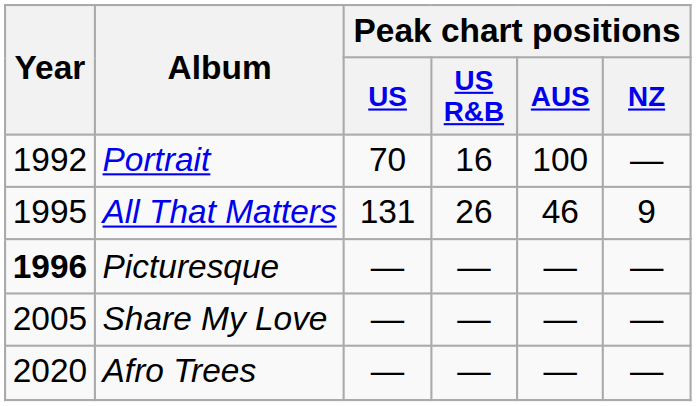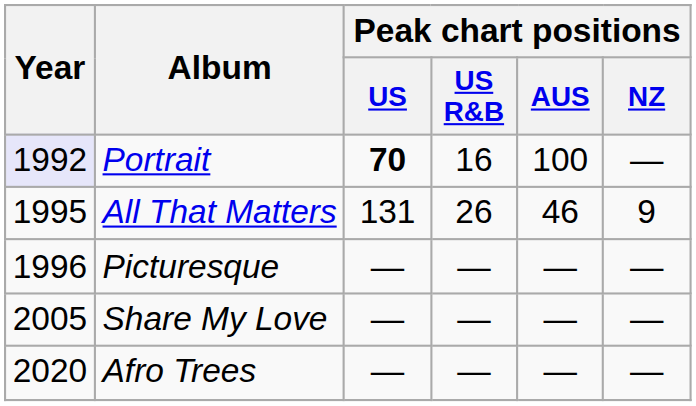 <table class="wikitable" style="text-align:center;">
 <tr>
 <th rowspan="2">Year</th>
 <th rowspan="2">Album</th>
 <th colspan="4">Peak chart positions</th>
 </tr>
 <tr style="font-size:smaller;">
 <th width="35"><a href='#'>US</a><br></th>
 <th width="35"><a href='#'>US<br>R&B</a><br></th>
 <th width="35"><a href='#'>AUS</a><br></th>
 <th width="35"><a href='#'>NZ</a><br></th>
 </tr>
 <tr>
-<td>1992</td>
+<td style="background: lavender;">1992</td>
 <td align="left"><em><a href='#'>Portrait</a></em></td>
-<td>70</td>
+<td><strong>70</strong></td>
 <td>16</td>
 <td>100</td>
 <td>—</td>
 </tr>
 <tr>
 <td>1995</td>
 <td align="left"><em><a href='#'>All That Matters</a></em></td>
 <td>131</td>
 <td>26</td>
 <td>46</td>
 <td>9</td>
 </tr>
 <tr>
-<td><strong>1996</strong></td>
+<td>1996</td>
 <td align="left"><em>Picturesque</em></td>
 <td>—</td>
 <td>—</td>
 <td>—</td>
 <td>—</td>
 </tr>
 <tr>
 <td>2005</td>
 <td align="left"><em>Share My Love</em></td>
 <td>—</td>
 <td>—</td>
 <td>—</td>
 <td>—</td>
 </tr>
 <tr>
 <td>2020</td>
 <td align="left"><em>Afro Trees</em></td>
 <td>—</td>
 <td>—</td>
 <td>—</td>
 <td>—</td>
 </tr>
 </table>
